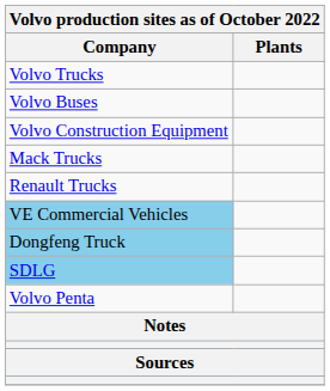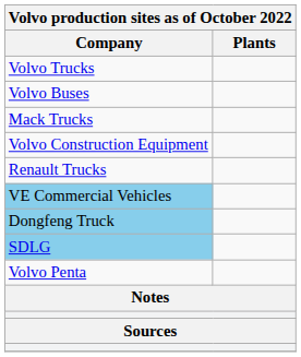 <table class="wikitable">
 <tr>
 <th colspan="2">Volvo production sites as of October 2022</th>
 </tr>
 <tr>
 <th width=200px>Company</th>
 <th>Plants</th>
 </tr>
 <tr>
 <td><a href='#'>Volvo Trucks</a></td>
 <td></td>
 </tr>
 <tr>
 <td><a href='#'>Volvo Buses</a></td>
 <td> </td>
 </tr>
 <tr>
-<td><a href='#'>Volvo Construction Equipment</a></td>
+<td><a href='#'>Mack Trucks</a></td>
 <td></td>
 </tr>
 <tr>
-<td><a href='#'>Mack Trucks</a></td>
+<td><a href='#'>Volvo Construction Equipment</a></td>
 <td></td>
 </tr>
 <tr>
 <td><a href='#'>Renault Trucks</a></td>
 <td></td>
 </tr>
 <tr>
 <td style="background:#87CEEB">VE Commercial Vehicles</td>
 <td></td>
 </tr>
 <tr>
 <td style="background:#87CEEB">Dongfeng Truck</td>
 <td></td>
 </tr>
 <tr>
 <td style="background:#87CEEB"><a href='#'>SDLG</a></td>
 <td></td>
 </tr>
 <tr>
 <td><a href='#'>Volvo Penta</a></td>
 <td></td>
 </tr>
 <tr>
 <th colspan="2">Notes</th>
 </tr>
 <tr>
 <td style="background-color:#f2f3f4" colspan=2></td>
 </tr>
 <tr>
 <th colspan="2">Sources</th>
 </tr>
 <tr>
 <td style="background-color:#f2f3f4" colspan=2></td>
 </tr>
 <tr>
 </tr>
 </table>
